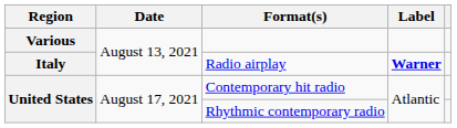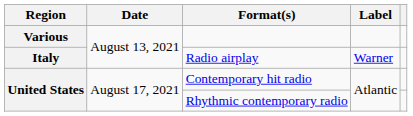 <table class="wikitable plainrowheaders">
 <tr>
 <th scope="col">Region</th>
 <th scope="col">Date</th>
 <th scope="col">Format(s)</th>
 <th scope="col">Label</th>
 <th scope="col"></th>
 </tr>
 <tr>
 <th scope="row">Various</th>
 <td rowspan="2">August 13, 2021</td>
 <td></td>
 <td></td>
 <td style="text-align:center;"></td>
 </tr>
 <tr>
 <th scope="row">Italy</th>
 <td><a href='#'>Radio airplay</a></td>
-<td><strong><a href='#'>Warner</a></strong></td>
+<td><a href='#'>Warner</a></td>
 <td style="text-align:center;"></td>
 </tr>
 <tr>
 <th scope="row" rowspan="2">United States</th>
 <td rowspan="2">August 17, 2021</td>
 <td><a href='#'>Contemporary hit radio</a></td>
 <td rowspan="2">Atlantic</td>
 <td style="text-align:center;"></td>
 </tr>
 <tr>
 <td><a href='#'>Rhythmic contemporary radio</a></td>
 <td style="text-align:center;"></td>
 </tr>
 </table>
